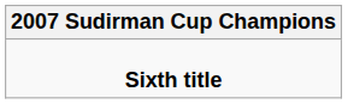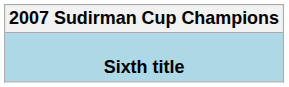 <table class=wikitable style="text-align:center; margin:auto">
 <tr>
 <th>2007 Sudirman Cup Champions</th>
 </tr>
 <tr>
-<td><strong></strong> <br> <strong>Sixth title</strong></td>
+<td style="background: lightblue;"><strong></strong> <br> <strong>Sixth title</strong></td>
 </tr>
 </table>
